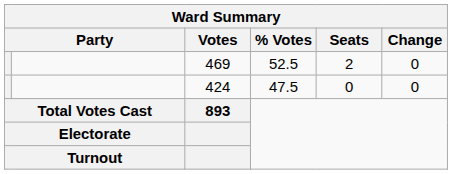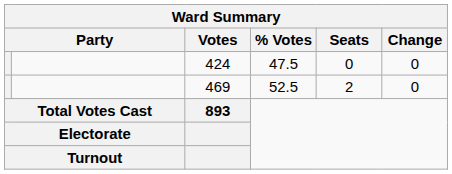 <table class="wikitable" style="font-size: 95%;">
 <tr style="background-color:#E9E9E9">
 <th colspan="6">Ward Summary</th>
 </tr>
 <tr style="background-color:#E9E9E9">
 <th colspan="2">Party</th>
 <th style="width: 60px">Votes</th>
 <th style="width: 60px">% Votes</th>
 <th style="width: 60px">Seats</th>
 <th style="width: 60px">Change</th>
 </tr>
 <tr>
 <th style="background-color: "></th>
 <td style="width: 170px"><a href='#'></a></td>
-<td align="center">469</td>
-<td align="center">52.5</td>
-<td align="center">2</td>
+<td align="center">424</td>
+<td align="center">47.5</td>
+<td align="center">0</td>
 <td align="center">0</td>
 </tr>
 <tr>
 <th style="background-color: "></th>
 <td style="width: 170px"><a href='#'></a></td>
-<td align="center">424</td>
-<td align="center">47.5</td>
-<td align="center">0</td>
+<td align="center">469</td>
+<td align="center">52.5</td>
+<td align="center">2</td>
 <td align="center">0</td>
 </tr>
 <tr style="background-color:#E9E9E9">
 <th colspan="2">Total Votes Cast</th>
 <th style="width: 60px">893</th>
 </tr>
 <tr style="background-color:#E9E9E9">
 <th colspan="2">Electorate</th>
 <th style="width: 60px"></th>
 </tr>
 <tr style="background-color:#E9E9E9">
 <th colspan="2">Turnout</th>
 <th style="width: 60px"></th>
 </tr>
 </table>
